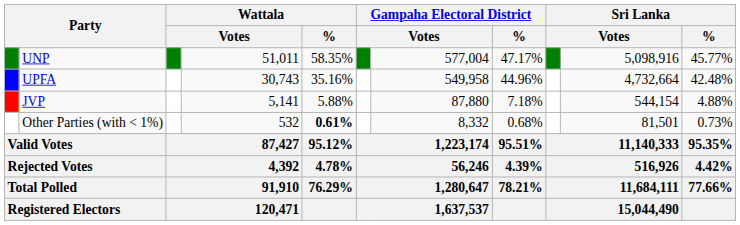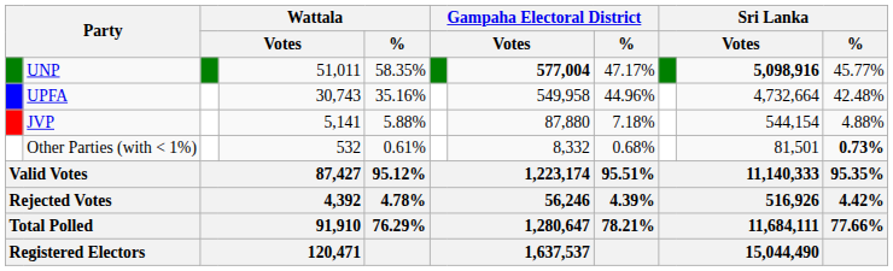 <table class="wikitable">
 <tr>
 <th colspan="2" width="144px"rowspan="2">Party</th>
 <th colspan="3" width="216px">Wattala</th>
 <th colspan="3" width="216px"><a href='#'>Gampaha Electoral District</a></th>
 <th colspan="3" width="216px">Sri Lanka</th>
 </tr>
 <tr>
 <th colspan="2" width="144px">Votes</th>
 <th>%</th>
 <th colspan="2" width="144px">Votes</th>
 <th>%</th>
 <th colspan="2" width="144px">Votes</th>
 <th>%</th>
 </tr>
 <tr>
 <td style="background-color:green;" width="10px"></td>
 <td style="text-align:left;"><a href='#'>UNP</a></td>
 <td style="background-color:green;" width="10px"></td>
 <td style="text-align:right;">51,011</td>
 <td style="text-align:right;">58.35%</td>
 <td style="background-color:green;" width="10px"></td>
-<td style="text-align:right;">577,004</td>
+<td style="text-align:right;"><strong>577,004</strong></td>
 <td style="text-align:right;">47.17%</td>
 <td style="background-color:green;" width="10px"></td>
-<td style="text-align:right;">5,098,916</td>
+<td style="text-align:right;"><strong>5,098,916</strong></td>
 <td style="text-align:right;">45.77%</td>
 </tr>
 <tr>
 <td style="background-color:blue;" width="10px"></td>
 <td style="text-align:left;"><a href='#'>UPFA</a></td>
 <td style="background-color:white;" width="10px"></td>
 <td style="text-align:right;">30,743</td>
 <td style="text-align:right;">35.16%</td>
 <td style="background-color:white;" width="10px"></td>
 <td style="text-align:right;">549,958</td>
 <td style="text-align:right;">44.96%</td>
 <td style="background-color:white;" width="10px"></td>
 <td style="text-align:right;">4,732,664</td>
 <td style="text-align:right;">42.48%</td>
 </tr>
 <tr>
 <td style="background-color:red;" width="10px"></td>
 <td style="text-align:left;"><a href='#'>JVP</a></td>
 <td style="background-color:white;" width="10px"></td>
 <td style="text-align:right;">5,141</td>
 <td style="text-align:right;">5.88%</td>
 <td style="background-color:white;" width="10px"></td>
 <td style="text-align:right;">87,880</td>
 <td style="text-align:right;">7.18%</td>
 <td style="background-color:white;" width="10px"></td>
 <td style="text-align:right;">544,154</td>
 <td style="text-align:right;">4.88%</td>
 </tr>
 <tr>
 <td style="background-color:white;" width="10px"></td>
 <td style="text-align:left;">Other Parties (with < 1%)</td>
 <td style="background-color:white;" width="10px"></td>
 <td style="text-align:right;">532</td>
-<td style="text-align:right;"><strong>0.61%</strong></td>
+<td style="text-align:right;">0.61%</td>
 <td style="background-color:white;" width="10px"></td>
 <td style="text-align:right;">8,332</td>
 <td style="text-align:right;">0.68%</td>
 <td style="background-color:white;" width="10px"></td>
 <td style="text-align:right;">81,501</td>
-<td style="text-align:right;">0.73%</td>
+<td style="text-align:right;"><strong>0.73%</strong></td>
 </tr>
 <tr>
 <th colspan="2" width="144px"style="text-align:left;">Valid Votes</th>
 <th style="text-align:right;"colspan="2" width="144px">87,427</th>
 <th style="text-align:right;">95.12%</th>
 <th style="text-align:right;"colspan="2" width="144px">1,223,174</th>
 <th style="text-align:right;">95.51%</th>
 <th style="text-align:right;"colspan="2" width="144px">11,140,333</th>
 <th style="text-align:right;">95.35%</th>
 </tr>
 <tr>
 <th colspan="2" width="144px"style="text-align:left;">Rejected Votes</th>
 <th style="text-align:right;"colspan="2" width="144px">4,392</th>
 <th style="text-align:right;">4.78%</th>
 <th style="text-align:right;"colspan="2" width="144px">56,246</th>
 <th style="text-align:right;">4.39%</th>
 <th style="text-align:right;"colspan="2" width="144px">516,926</th>
 <th style="text-align:right;">4.42%</th>
 </tr>
 <tr>
 <th colspan="2" width="144px"style="text-align:left;">Total Polled</th>
 <th style="text-align:right;"colspan="2" width="144px">91,910</th>
 <th style="text-align:right;">76.29%</th>
 <th style="text-align:right;"colspan="2" width="144px">1,280,647</th>
 <th style="text-align:right;">78.21%</th>
 <th style="text-align:right;"colspan="2" width="144px">11,684,111</th>
 <th style="text-align:right;">77.66%</th>
 </tr>
 <tr>
 <th colspan="2" width="144px"style="text-align:left;">Registered Electors</th>
 <th style="text-align:right;"colspan="2" width="144px">120,471</th>
 <th></th>
 <th style="text-align:right;"colspan="2" width="144px">1,637,537</th>
 <th></th>
 <th style="text-align:right;"colspan="2" width="144px">15,044,490</th>
 <th></th>
 </tr>
 </table>
